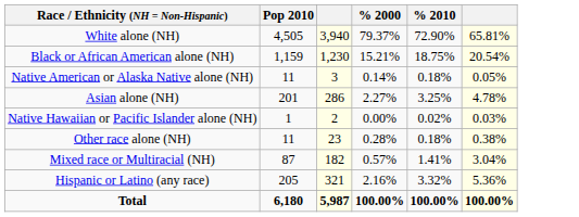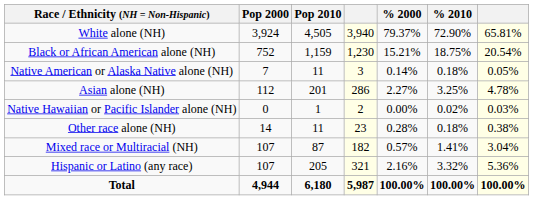 <table class="wikitable" style="text-align:center;">
 <tr>
 <th>Race / Ethnicity <small>(<em>NH = Non-Hispanic</em>)</small></th>
+<th>Pop 2000</th>
 <th>Pop 2010</th>
 <th></th>
 <th>% 2000</th>
 <th>% 2010</th>
 <th></th>
 </tr>
 <tr>
 <td><a href='#'>White</a> alone (NH)</td>
+<td>3,924</td>
 <td>4,505</td>
 <td style='background: #ffffe6;'>3,940</td>
 <td>79.37%</td>
 <td>72.90%</td>
 <td style='background: #ffffe6;'>65.81%</td>
 </tr>
 <tr>
 <td><a href='#'>Black or African American</a> alone (NH)</td>
+<td>752</td>
 <td>1,159</td>
 <td style='background: #ffffe6;'>1,230</td>
 <td>15.21%</td>
 <td>18.75%</td>
 <td style='background: #ffffe6;'>20.54%</td>
 </tr>
 <tr>
 <td><a href='#'>Native American</a> or <a href='#'>Alaska Native</a> alone (NH)</td>
+<td>7</td>
 <td>11</td>
 <td style='background: #ffffe6;'>3</td>
 <td>0.14%</td>
 <td>0.18%</td>
 <td style='background: #ffffe6;'>0.05%</td>
 </tr>
 <tr>
 <td><a href='#'>Asian</a> alone (NH)</td>
+<td>112</td>
 <td>201</td>
 <td style='background: #ffffe6;'>286</td>
 <td>2.27%</td>
 <td>3.25%</td>
 <td style='background: #ffffe6;'>4.78%</td>
 </tr>
 <tr>
 <td><a href='#'>Native Hawaiian</a> or <a href='#'>Pacific Islander</a> alone (NH)</td>
+<td>0</td>
 <td>1</td>
 <td style='background: #ffffe6;'>2</td>
 <td>0.00%</td>
 <td>0.02%</td>
 <td style='background: #ffffe6;'>0.03%</td>
 </tr>
 <tr>
 <td><a href='#'>Other race</a> alone (NH)</td>
+<td>14</td>
 <td>11</td>
 <td style='background: #ffffe6;'>23</td>
 <td>0.28%</td>
 <td>0.18%</td>
 <td style='background: #ffffe6;'>0.38%</td>
 </tr>
 <tr>
 <td><a href='#'>Mixed race or Multiracial</a> (NH)</td>
+<td>107</td>
 <td>87</td>
 <td style='background: #ffffe6;'>182</td>
 <td>0.57%</td>
 <td>1.41%</td>
 <td style='background: #ffffe6;'>3.04%</td>
 </tr>
 <tr>
 <td><a href='#'>Hispanic or Latino</a> (any race)</td>
+<td>107</td>
 <td>205</td>
 <td style='background: #ffffe6;'>321</td>
 <td>2.16%</td>
 <td>3.32%</td>
 <td style='background: #ffffe6;'>5.36%</td>
 </tr>
 <tr>
 <td><strong>Total</strong></td>
+<td><strong>4,944</strong></td>
 <td><strong>6,180</strong></td>
 <td style='background: #ffffe6;'><strong>5,987</strong></td>
 <td><strong>100.00%</strong></td>
 <td><strong>100.00%</strong></td>
 <td style='background: #ffffe6;'><strong>100.00%</strong></td>
 </tr>
 </table>
